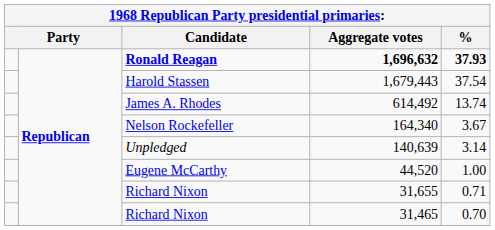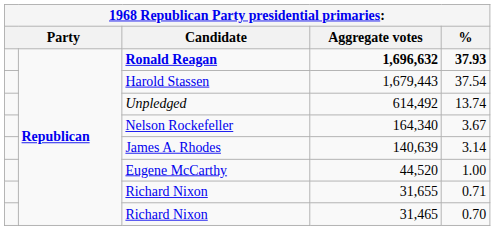 <table class="wikitable">
 <tr>
 <th colspan=6 style="background:#f5f5f5"><a href='#'>1968 Republican Party presidential primaries</a>:</th>
 </tr>
 <tr>
 <th style="width: 8em;" colspan=2>Party</th>
 <th>Candidate</th>
 <th>Aggregate votes</th>
 <th>%</th>
 </tr>
 <tr>
 <td style="background-color: "></td>
 <td style="width: 7em;" rowspan=8><strong><a href='#'>Republican</a></strong></td>
 <td style="width: 13em;"><strong><a href='#'>Ronald Reagan</a></strong></td>
 <td style="width: 9em; text-align:right"><strong>1,696,632</strong></td>
 <td style="width: 3em; text-align:right"><strong>37.93</strong></td>
 </tr>
 <tr>
 <td style="background-color: "></td>
 <td><a href='#'>Harold Stassen</a></td>
 <td style="text-align:right">1,679,443</td>
 <td style="text-align:right">37.54</td>
 </tr>
 <tr>
 <td style="background-color: "></td>
-<td><a href='#'>James A. Rhodes</a></td>
+<td><em>Unpledged</em></td>
 <td style="text-align:right">614,492</td>
 <td style="text-align:right">13.74</td>
 </tr>
 <tr>
 <td style="background-color: "></td>
 <td><a href='#'>Nelson Rockefeller</a></td>
 <td style="text-align:right">164,340</td>
 <td style="text-align:right">3.67</td>
 </tr>
 <tr>
 <td style="background-color: "></td>
-<td><em>Unpledged</em></td>
+<td><a href='#'>James A. Rhodes</a></td>
 <td style="text-align:right">140,639</td>
 <td style="text-align:right">3.14</td>
 </tr>
 <tr>
 <td style="background-color: "></td>
 <td><a href='#'>Eugene McCarthy</a></td>
 <td style="text-align:right">44,520</td>
 <td style="text-align:right">1.00</td>
 </tr>
 <tr>
 <td style="background-color: "></td>
 <td><a href='#'>Richard Nixon</a></td>
 <td style="text-align:right">31,655</td>
 <td style="text-align:right">0.71</td>
 </tr>
 <tr>
 <td style="background-color: "></td>
 <td><a href='#'>Richard Nixon</a></td>
 <td style="text-align:right">31,465</td>
 <td style="text-align:right">0.70</td>
 </tr>
 </table>
